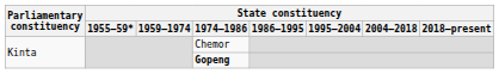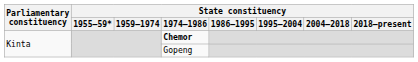 <table class="wikitable">
 <tr>
 <th rowspan="2">Parliamentary<br>constituency</th>
 <th colspan="7">State constituency</th>
 </tr>
 <tr>
 <th>1955–59*</th>
 <th>1959–1974</th>
 <th>1974–1986</th>
 <th>1986–1995</th>
 <th>1995–2004</th>
 <th>2004–2018</th>
 <th>2018–present</th>
 </tr>
 <tr>
 <td rowspan="2">Kinta</td>
 <td colspan="2" rowspan="2" bgcolor="dcdcdc"></td>
-<td>Chemor</td>
+<td><strong>Chemor</strong></td>
 <td colspan="4" bgcolor="dcdcdc"></td>
 </tr>
 <tr>
-<td><strong>Gopeng</strong></td>
+<td>Gopeng</td>
 <td colspan="4" bgcolor="dcdcdc"></td>
 </tr>
 </table>
